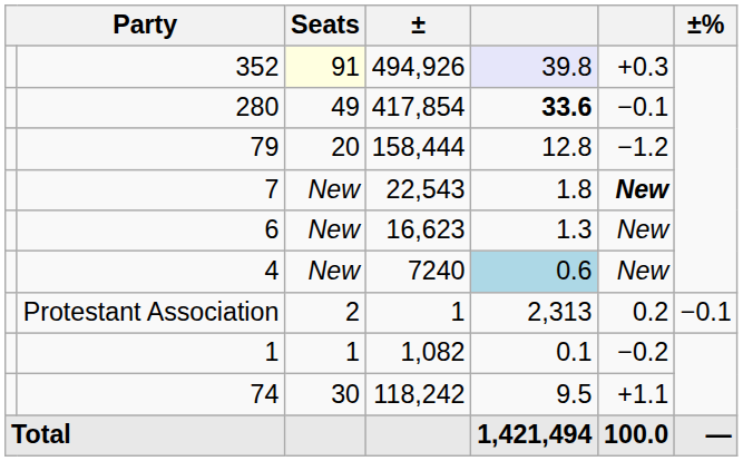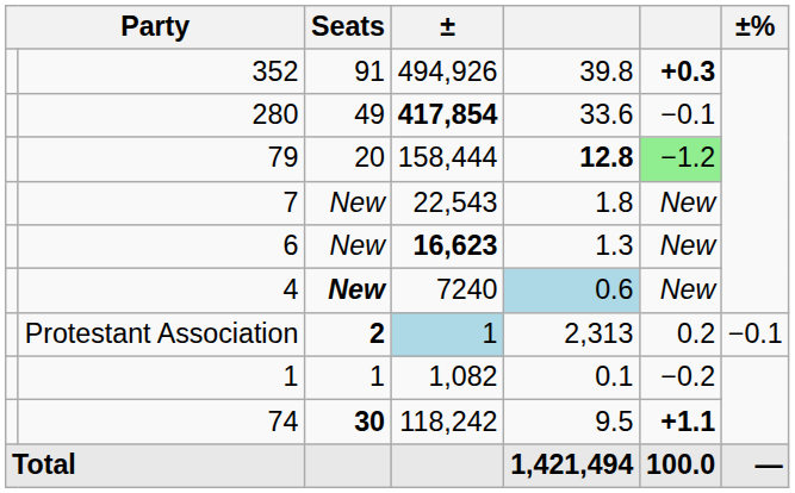 <table class="wikitable">
 <tr>
 <th colspan="2">Party</th>
 <th>Seats</th>
 <th>±</th>
 <th></th>
 <th></th>
 <th align=center>±%</th>
 </tr>
 <tr>
 <td></td>
 <td align="right">352</td>
-<td align="right" style="background: lightyellow;"> 91</td>
+<td align="right"> 91</td>
 <td align="right">494,926</td>
-<td align="right" style="background: lavender;">39.8</td>
-<td align="right">+0.3</td>
+<td align="right">39.8</td>
+<td align="right"><strong>+0.3</strong></td>
 </tr>
 <tr>
 <td></td>
 <td align="right">280</td>
 <td align="right"> 49</td>
-<td align="right">417,854</td>
-<td align="right"><strong>33.6</strong></td>
+<td align="right"><strong>417,854</strong></td>
+<td align="right">33.6</td>
 <td align="right">−0.1</td>
 </tr>
 <tr>
 <td></td>
 <td align="right">79</td>
 <td align="right"> 20</td>
 <td align="right">158,444</td>
-<td align="right">12.8</td>
-<td align="right">−1.2</td>
+<td align="right"><strong>12.8</strong></td>
+<td align="right" style="background: lightgreen;">−1.2</td>
 </tr>
 <tr>
 <td></td>
 <td align="right">7</td>
 <td align="right"><em>New</em></td>
 <td align="right">22,543</td>
 <td align="right">1.8</td>
-<td align="right"><strong><em>New</em></strong></td>
+<td align="right"><em>New</em></td>
 </tr>
 <tr>
 <td></td>
 <td align="right">6</td>
 <td align="right"><em>New</em></td>
-<td align="right">16,623</td>
+<td align="right"><strong>16,623</strong></td>
 <td align="right">1.3</td>
 <td align="right"><em>New</em></td>
 </tr>
 <tr>
 <td></td>
 <td align="right">4</td>
-<td align="right"><em>New</em></td>
+<td align="right"><strong><em>New</em></strong></td>
 <td align="right">7240</td>
 <td align="right" style="background: lightblue;">0.6</td>
 <td align="right"><em>New</em></td>
 </tr>
 <tr>
 <td></td>
 <td>Protestant Association</td>
-<td align="right">2</td>
-<td align="right"> 1</td>
+<td align="right"><strong>2</strong></td>
+<td align="right" style="background: lightblue;"> 1</td>
 <td align="right">2,313</td>
 <td align="right">0.2</td>
 <td align="right">−0.1</td>
 </tr>
 <tr>
 <td> </td>
 <td align="right">1</td>
 <td align="right"> 1</td>
 <td align="right">1,082</td>
 <td align="right">0.1</td>
 <td align="right">−0.2</td>
 </tr>
 <tr>
 <td></td>
 <td align="right">74</td>
-<td align="right"> 30</td>
+<td align="right"><strong> 30</strong></td>
 <td align="right">118,242</td>
 <td align="right">9.5</td>
-<td align="right">+1.1</td>
+<td align="right"><strong>+1.1</strong></td>
 </tr>
 <tr class="sortbottom" style="font-weight:bold; background:rgb(232,232,232);">
 <td colspan="2">Total</td>
 <td align="right"></td>
 <td align="right"></td>
 <td align="right">1,421,494</td>
 <td align="right">100.0</td>
 <td align="right">—</td>
 </tr>
 </table>
